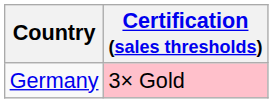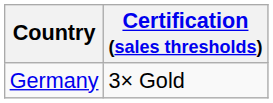 <table class="wikitable">
 <tr>
 <th>Country</th>
 <th><a href='#'>Certification</a><br><small>(<a href='#'>sales thresholds</a>)</small></th>
 </tr>
 <tr>
 <td><a href='#'>Germany</a></td>
-<td style="background: pink;">3× Gold</td>
+<td>3× Gold</td>
 </tr>
 </table>
